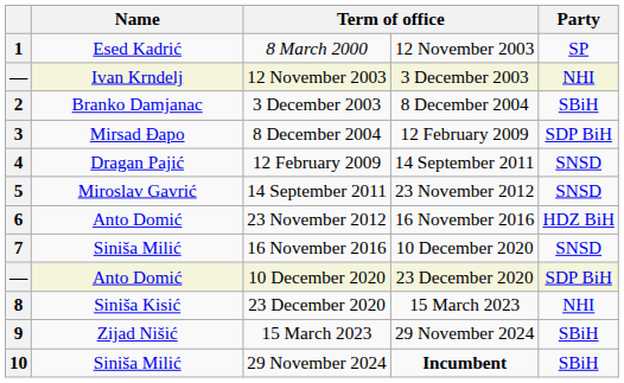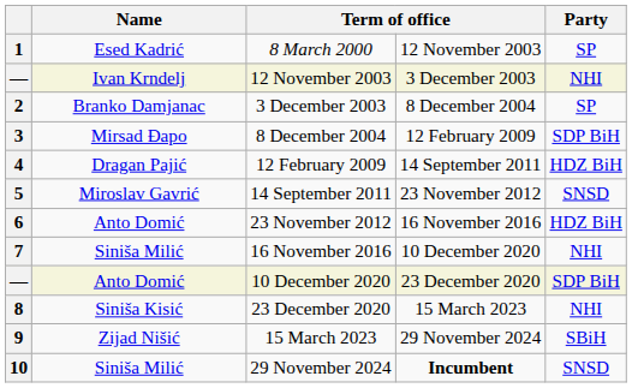 <table class="wikitable" style="text-align:center">
 <tr>
 <th></th>
 <th width=180>Name<br></th>
 <th colspan=2>Term of office</th>
 <th>Party</th>
 </tr>
 <tr>
 <th style="background:">1</th>
 <td><a href='#'>Esed Kadrić</a><br></td>
 <td><em>8 March 2000</em></td>
 <td>12 November 2003</td>
 <td><a href='#'>SP</a></td>
 </tr>
 <tr style="background:#F5F5DC;">
 <th style="background:">—</th>
 <td><a href='#'>Ivan Krndelj</a><br></td>
 <td>12 November 2003</td>
 <td>3 December 2003</td>
 <td><a href='#'>NHI</a></td>
 </tr>
 <tr>
 <th style="background:">2</th>
 <td><a href='#'>Branko Damjanac</a><br></td>
 <td>3 December 2003</td>
 <td>8 December 2004</td>
-<td><a href='#'>SBiH</a></td>
+<td><a href='#'>SP</a></td>
 </tr>
 <tr>
 <th style="background:">3</th>
 <td><a href='#'>Mirsad Đapo</a><br></td>
 <td>8 December 2004</td>
 <td>12 February 2009</td>
 <td><a href='#'>SDP BiH</a></td>
 </tr>
 <tr>
 <th style="background:">4</th>
 <td><a href='#'>Dragan Pajić</a><br></td>
 <td>12 February 2009</td>
 <td>14 September 2011</td>
-<td><a href='#'>SNSD</a></td>
+<td><a href='#'>HDZ BiH</a></td>
 </tr>
 <tr>
 <th style="background:">5</th>
 <td><a href='#'>Miroslav Gavrić</a><br></td>
 <td>14 September 2011</td>
 <td>23 November 2012</td>
 <td><a href='#'>SNSD</a></td>
 </tr>
 <tr>
 <th style="background:">6</th>
 <td><a href='#'>Anto Domić</a><br></td>
 <td>23 November 2012</td>
 <td>16 November 2016</td>
 <td><a href='#'>HDZ BiH</a></td>
 </tr>
 <tr>
 <th style="background:">7</th>
 <td><a href='#'>Siniša Milić</a><br></td>
 <td>16 November 2016</td>
 <td>10 December 2020</td>
-<td><a href='#'>SNSD</a></td>
+<td><a href='#'>NHI</a></td>
 </tr>
 <tr style="background:#F5F5DC;">
 <th style="background:">—</th>
 <td><a href='#'>Anto Domić</a><br></td>
 <td>10 December 2020</td>
 <td>23 December 2020</td>
 <td><a href='#'>SDP BiH</a></td>
 </tr>
 <tr>
 <th style="background:">8</th>
 <td><a href='#'>Siniša Kisić</a><br></td>
 <td>23 December 2020</td>
 <td>15 March 2023</td>
 <td><a href='#'>NHI</a></td>
 </tr>
 <tr>
 <th style="background:">9</th>
 <td><a href='#'>Zijad Nišić</a><br></td>
 <td>15 March 2023</td>
 <td>29 November 2024</td>
 <td><a href='#'>SBiH</a></td>
 </tr>
 <tr>
 <th style="background:">10</th>
 <td><a href='#'>Siniša Milić</a><br></td>
 <td>29 November 2024</td>
 <td><strong>Incumbent</strong></td>
-<td><a href='#'>SBiH</a></td>
+<td><a href='#'>SNSD</a></td>
 </tr>
 </table>
